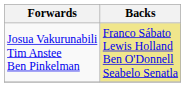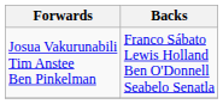 <table class=wikitable style="text-align: left;">
 <tr>
 <th align=center>Forwards</th>
 <th align=center>Backs</th>
 </tr>
 <tr>
 <td> <a href='#'>Josua Vakurunabili</a> <br>  <a href='#'>Tim Anstee</a> <br>  <a href='#'>Ben Pinkelman</a></td>
-<td style="background: khaki;"> <a href='#'>Franco Sábato</a> <br>  <a href='#'>Lewis Holland</a> <br>  <a href='#'>Ben O'Donnell</a> <br>  <a href='#'>Seabelo Senatla</a></td>
+<td> <a href='#'>Franco Sábato</a> <br>  <a href='#'>Lewis Holland</a> <br>  <a href='#'>Ben O'Donnell</a> <br>  <a href='#'>Seabelo Senatla</a></td>
 </tr>
 <tr>
 </tr>
 </table>
